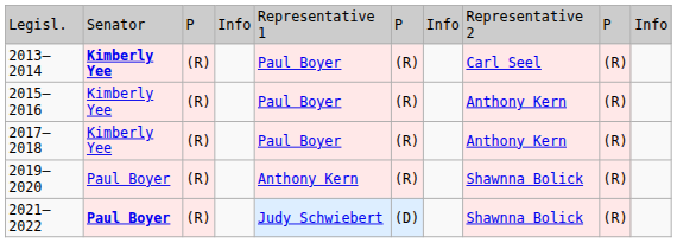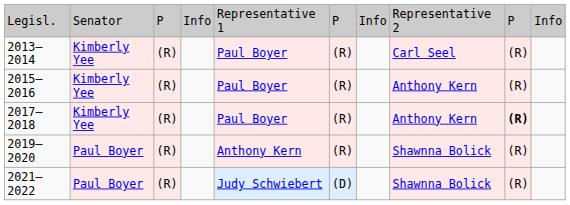 <table class=wikitable width="100%" border="1">
 <tr style="background-color:#cccccc;">
 <td>Legisl.</td>
 <td>Senator</td>
 <td>P</td>
 <td>Info</td>
 <td>Representative 1</td>
 <td>P</td>
 <td>Info</td>
 <td>Representative 2</td>
 <td>P</td>
 <td>Info</td>
 </tr>
 <tr>
 <td>2013–2014</td>
-<td style="background:#FFE8E8"><strong><a href='#'>Kimberly Yee</a></strong></td>
+<td style="background:#FFE8E8"><a href='#'>Kimberly Yee</a></td>
 <td style="background:#FFE8E8">(R)</td>
 <td></td>
 <td style="background:#FFE8E8"><a href='#'>Paul Boyer</a></td>
 <td style="background:#FFE8E8">(R)</td>
 <td></td>
 <td style="background:#FFE8E8"><a href='#'>Carl Seel</a></td>
 <td style="background:#FFE8E8">(R)</td>
 <td></td>
 </tr>
 <tr>
 <td>2015–2016</td>
 <td style="background:#FFE8E8"><a href='#'>Kimberly Yee</a></td>
 <td style="background:#FFE8E8">(R)</td>
 <td></td>
 <td style="background:#FFE8E8"><a href='#'>Paul Boyer</a></td>
 <td style="background:#FFE8E8">(R)</td>
 <td></td>
 <td style="background:#FFE8E8"><a href='#'>Anthony Kern</a></td>
 <td style="background:#FFE8E8">(R)</td>
 <td></td>
 </tr>
 <tr>
 <td>2017–2018</td>
 <td style="background:#FFE8E8"><a href='#'>Kimberly Yee</a></td>
 <td style="background:#FFE8E8">(R)</td>
 <td></td>
 <td style="background:#FFE8E8"><a href='#'>Paul Boyer</a></td>
 <td style="background:#FFE8E8">(R)</td>
 <td></td>
 <td style="background:#FFE8E8"><a href='#'>Anthony Kern</a></td>
-<td style="background:#FFE8E8">(R)</td>
+<td style="background:#FFE8E8"><strong>(R)</strong></td>
 <td></td>
 </tr>
 <tr>
 <td>2019–2020</td>
 <td style="background:#FFE8E8"><a href='#'>Paul Boyer</a></td>
 <td style="background:#FFE8E8">(R)</td>
 <td></td>
 <td style="background:#FFE8E8"><a href='#'>Anthony Kern</a></td>
 <td style="background:#FFE8E8">(R)</td>
 <td></td>
 <td style="background:#FFE8E8"><a href='#'>Shawnna Bolick</a></td>
 <td style="background:#FFE8E8">(R)</td>
 <td></td>
 </tr>
 <tr>
 <td>2021–2022</td>
-<td style="background:#FFE8E8"><strong><a href='#'>Paul Boyer</a></strong></td>
+<td style="background:#FFE8E8"><a href='#'>Paul Boyer</a></td>
 <td style="background:#FFE8E8">(R)</td>
 <td></td>
 <td style="background:#DDEEFF"><a href='#'>Judy Schwiebert</a></td>
 <td style="background:#DDEEFF">(D)</td>
 <td></td>
 <td style="background:#FFE8E8"><a href='#'>Shawnna Bolick</a></td>
 <td style="background:#FFE8E8">(R)</td>
 <td></td>
 </tr>
 </table>
